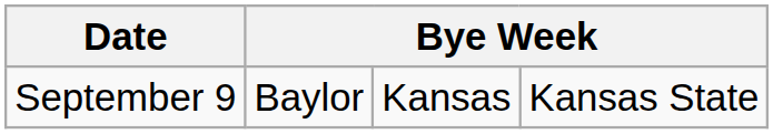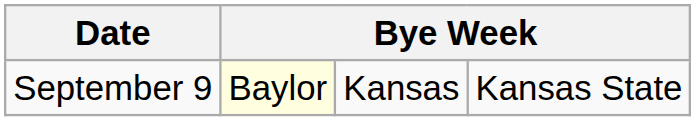 <table class="wikitable" style="font-size:95%">
 <tr>
 <th>Date</th>
 <th colspan="3">Bye Week</th>
 </tr>
 <tr>
 <td>September 9</td>
-<td>Baylor</td>
+<td style="background: lightyellow;">Baylor</td>
 <td>Kansas</td>
 <td>Kansas State</td>
 </tr>
 </table>
